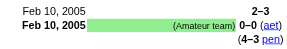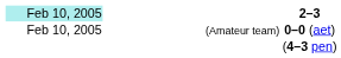 <table width=100% cellspacing=1>
 <tr>
 <th width=120></th>
 <th width=220></th>
 <th width=70></th>
 <th width=220></th>
 <th></th>
 </tr>
 <tr>
-<td align=right>Feb 10, 2005</td>
+<td align=right style="background: paleturquoise;">Feb 10, 2005</td>
 <td align=right><strong></strong></td>
 <td align=center><strong>2–3</strong></td>
 <td><strong></strong></td>
 </tr>
 <tr>
-<td align=right><strong>Feb 10, 2005</strong></td>
-<td align=right style="background: lightgreen;"><small>(Amateur team)</small> <strong></strong></td>
+<td align=right>Feb 10, 2005</td>
+<td align=right><small>(Amateur team)</small> <strong></strong></td>
 <td align=center><strong>0–0</strong> (<a href='#'>aet</a>)</td>
 <td><strong></strong></td>
 </tr>
 <tr>
 <td></td>
 <td></td>
 <td align=center>(<strong>4–3</strong> <a href='#'>pen</a>)</td>
 <td></td>
 </tr>
 </table>
